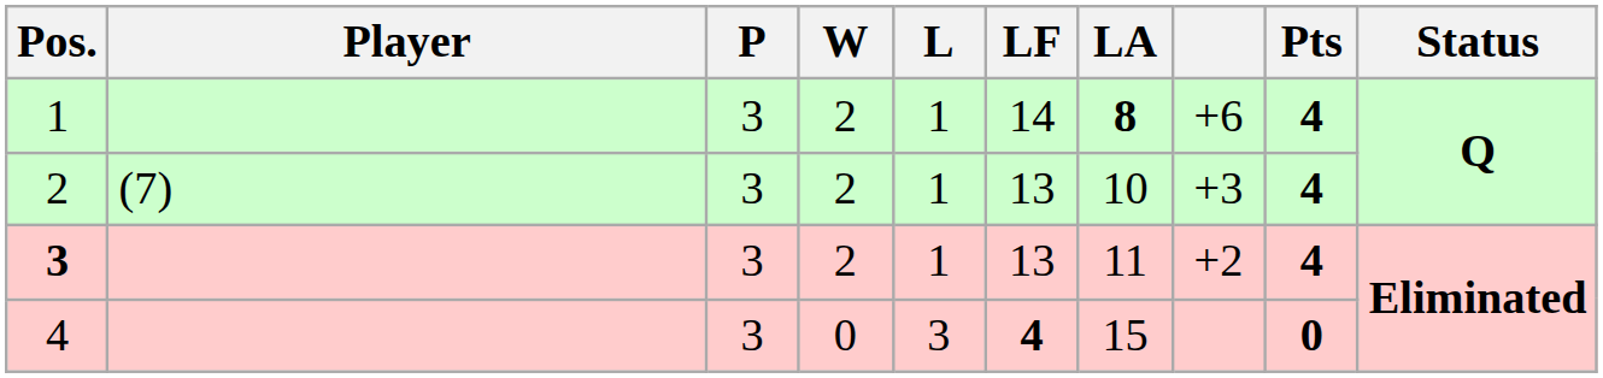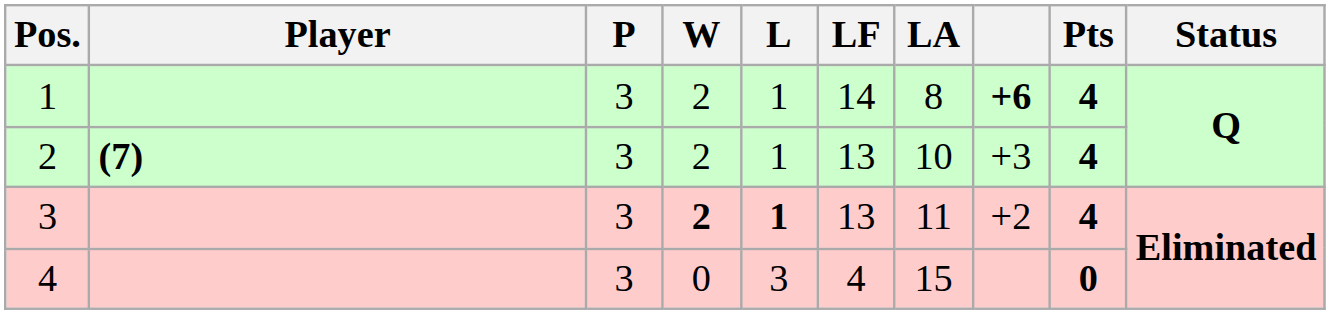 <table class="wikitable" style="text-align:center; margin: 1em auto 1em auto, align:left">
 <tr>
 <th width=25>Pos.</th>
 <th width=200>Player</th>
 <th width=25>P</th>
 <th width=25>W</th>
 <th width=25>L</th>
 <th width=25>LF</th>
 <th width=25>LA</th>
 <th width=25></th>
 <th width=25>Pts</th>
 <th width=75>Status</th>
 </tr>
 <tr style="background:#CCFFCC;">
 <td>1</td>
 <td align=left></td>
 <td>3</td>
 <td>2</td>
 <td>1</td>
 <td>14</td>
-<td><strong>8</strong></td>
-<td>+6</td>
+<td>8</td>
+<td><strong>+6</strong></td>
 <td><strong>4</strong></td>
 <td rowspan=2><strong>Q</strong></td>
 </tr>
 <tr style="background:#CCFFCC;">
 <td>2</td>
-<td align=left>(7)</td>
+<td align=left><strong>(7)</strong></td>
 <td>3</td>
 <td>2</td>
 <td>1</td>
 <td>13</td>
 <td>10</td>
 <td>+3</td>
 <td><strong>4</strong></td>
 </tr>
 <tr style="background:#FFCCCC;">
-<td><strong>3</strong></td>
+<td>3</td>
 <td align=left></td>
 <td>3</td>
-<td>2</td>
-<td>1</td>
+<td><strong>2</strong></td>
+<td><strong>1</strong></td>
 <td>13</td>
 <td>11</td>
 <td>+2</td>
 <td><strong>4</strong></td>
 <td rowspan=2><strong>Eliminated</strong></td>
 </tr>
 <tr style="background:#FFCCCC;">
 <td>4</td>
 <td align=left></td>
 <td>3</td>
 <td>0</td>
 <td>3</td>
-<td><strong>4</strong></td>
+<td>4</td>
 <td>15</td>
 <td></td>
 <td><strong>0</strong></td>
 </tr>
 </table>
